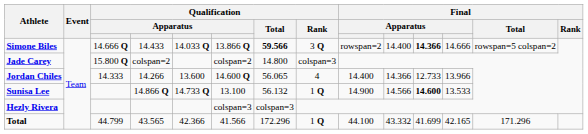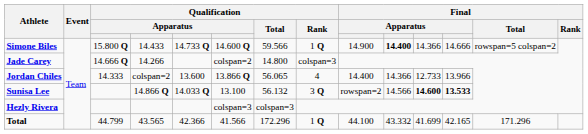 <table class=wikitable style=font-size:90%;text-align:center>
 <tr>
 <th rowspan=3>Athlete</th>
 <th rowspan=3>Event</th>
 <th colspan=6>Qualification</th>
 <th colspan=6>Final</th>
 </tr>
 <tr style=font-size:95%>
 <th colspan=4>Apparatus</th>
 <th rowspan=2>Total</th>
 <th rowspan=2>Rank</th>
 <th colspan=4>Apparatus</th>
 <th rowspan=2>Total</th>
 <th rowspan=2>Rank</th>
 </tr>
 <tr style=font-size:95%>
 <th></th>
 <th></th>
 <th></th>
 <th></th>
 <th></th>
 <th></th>
 <th></th>
 <th></th>
 </tr>
 <tr>
 <td align=left><strong><a href='#'>Simone Biles</a></strong></td>
 <td align=left rowspan=6><a href='#'>Team</a></td>
-<td>14.666 <strong>Q</strong></td>
+<td>15.800 <strong>Q</strong></td>
 <td>14.433</td>
-<td>14.033 <strong>Q</strong></td>
-<td>13.866 <strong>Q</strong></td>
-<td><strong>59.566</strong></td>
-<td>3 <strong>Q</strong></td>
-<td>rowspan=2 </td>
-<td>14.400</td>
-<td><strong>14.366</strong></td>
+<td>14.733 <strong>Q</strong></td>
+<td>14.600 <strong>Q</strong></td>
+<td>59.566</td>
+<td>1 <strong>Q</strong></td>
+<td>14.900</td>
+<td><strong>14.400</strong></td>
+<td>14.366</td>
 <td>14.666</td>
 <td>rowspan=5 colspan=2 </td>
 </tr>
 <tr>
 <td align=left><strong><a href='#'>Jade Carey</a></strong></td>
-<td>15.800 <strong>Q</strong></td>
-<td>colspan=2 </td>
+<td>14.666 <strong>Q</strong></td>
+<td>14.266</td>
 <td></td>
 <td>colspan=2 </td>
 <td>14.800</td>
 <td>colspan=3 </td>
 </tr>
 <tr>
 <td align=left><strong><a href='#'>Jordan Chiles</a></strong></td>
 <td>14.333</td>
-<td>14.266</td>
+<td>colspan=2 </td>
 <td>13.600</td>
-<td>14.600 <strong>Q</strong></td>
+<td>13.866 <strong>Q</strong></td>
 <td>56.065</td>
 <td>4</td>
 <td>14.400</td>
 <td>14.366</td>
 <td>12.733</td>
 <td>13.966</td>
 </tr>
 <tr>
 <td align=left><strong><a href='#'>Sunisa Lee</a></strong></td>
 <td></td>
 <td>14.866 <strong>Q</strong></td>
-<td>14.733 <strong>Q</strong></td>
+<td>14.033 <strong>Q</strong></td>
 <td>13.100</td>
 <td>56.132</td>
-<td>1 <strong>Q</strong></td>
-<td>14.900</td>
+<td>3 <strong>Q</strong></td>
+<td>rowspan=2 </td>
 <td>14.566</td>
 <td><strong>14.600</strong></td>
-<td>13.533</td>
+<td><strong>13.533</strong></td>
 </tr>
 <tr>
 <td align=left><strong><a href='#'>Hezly Rivera</a></strong></td>
 <td></td>
 <td></td>
 <td></td>
 <td>colspan=3 </td>
 <td>colspan=3 </td>
 </tr>
 <tr>
 <td align=left><strong>Total</strong></td>
 <td>44.799</td>
 <td>43.565</td>
 <td>42.366</td>
 <td>41.566</td>
 <td>172.296</td>
 <td>1 <strong>Q</strong></td>
 <td>44.100</td>
 <td>43.332</td>
 <td>41.699</td>
 <td>42.165</td>
 <td>171.296</td>
 <td></td>
 </tr>
 </table>
